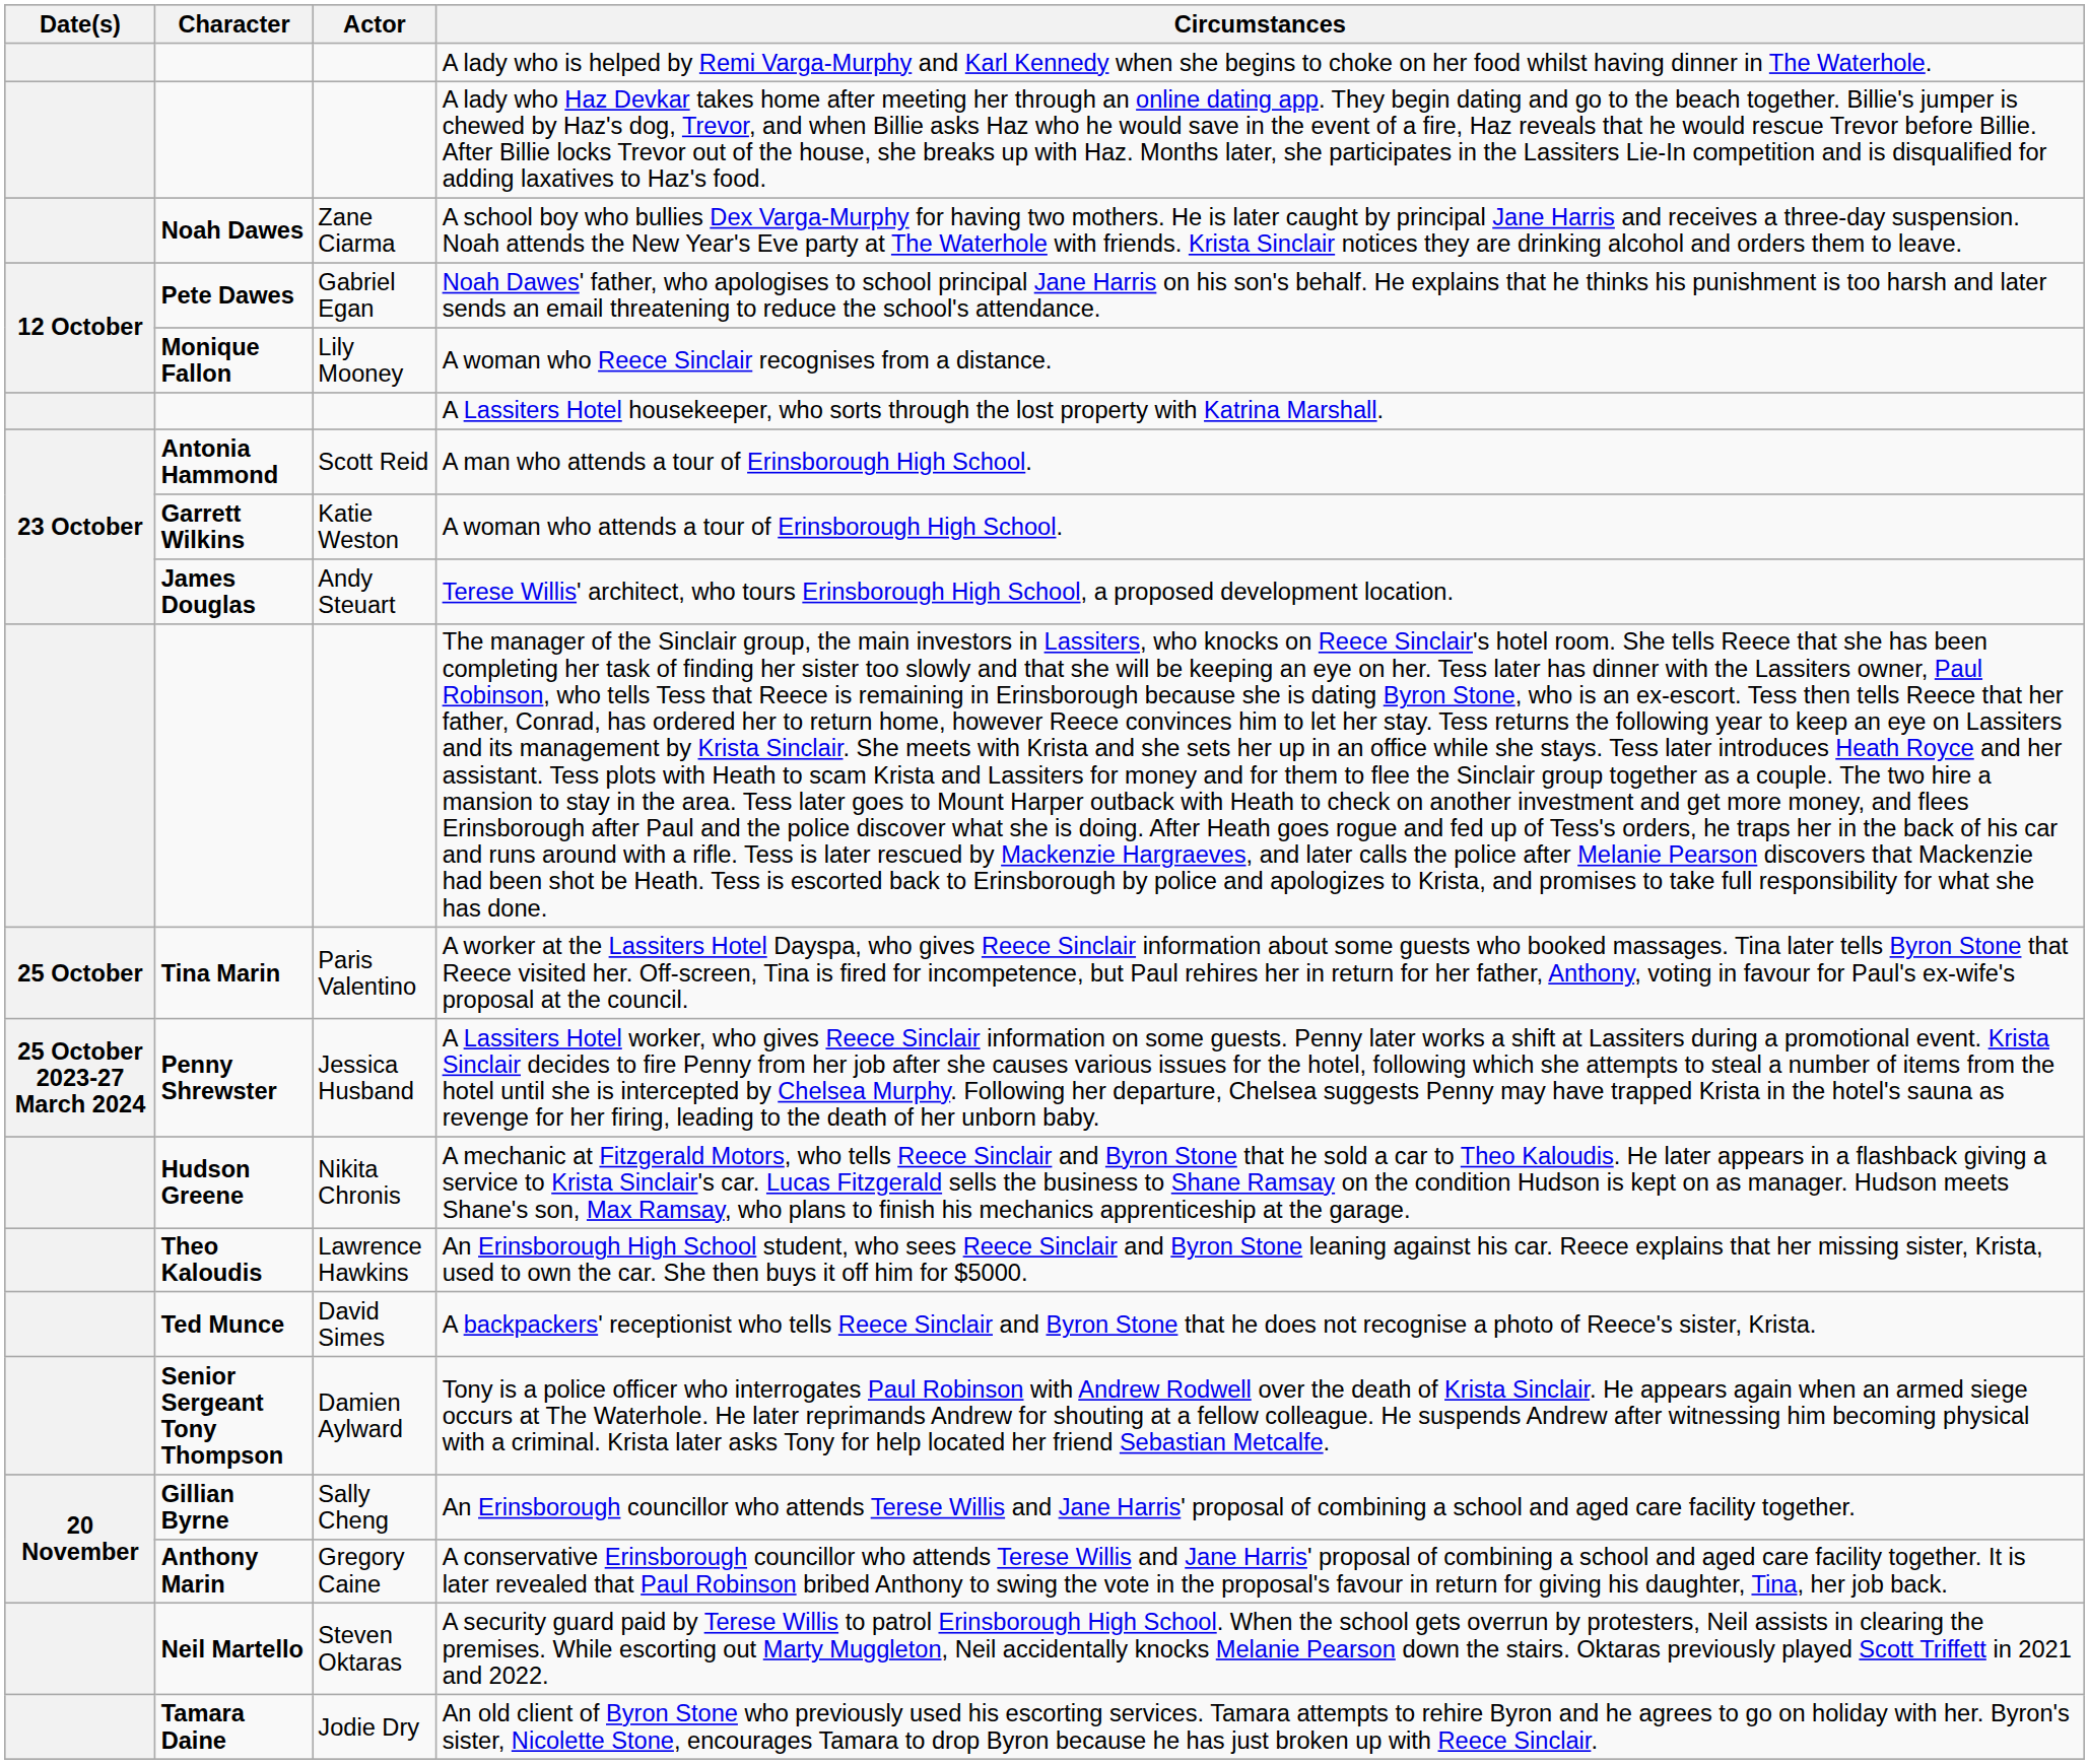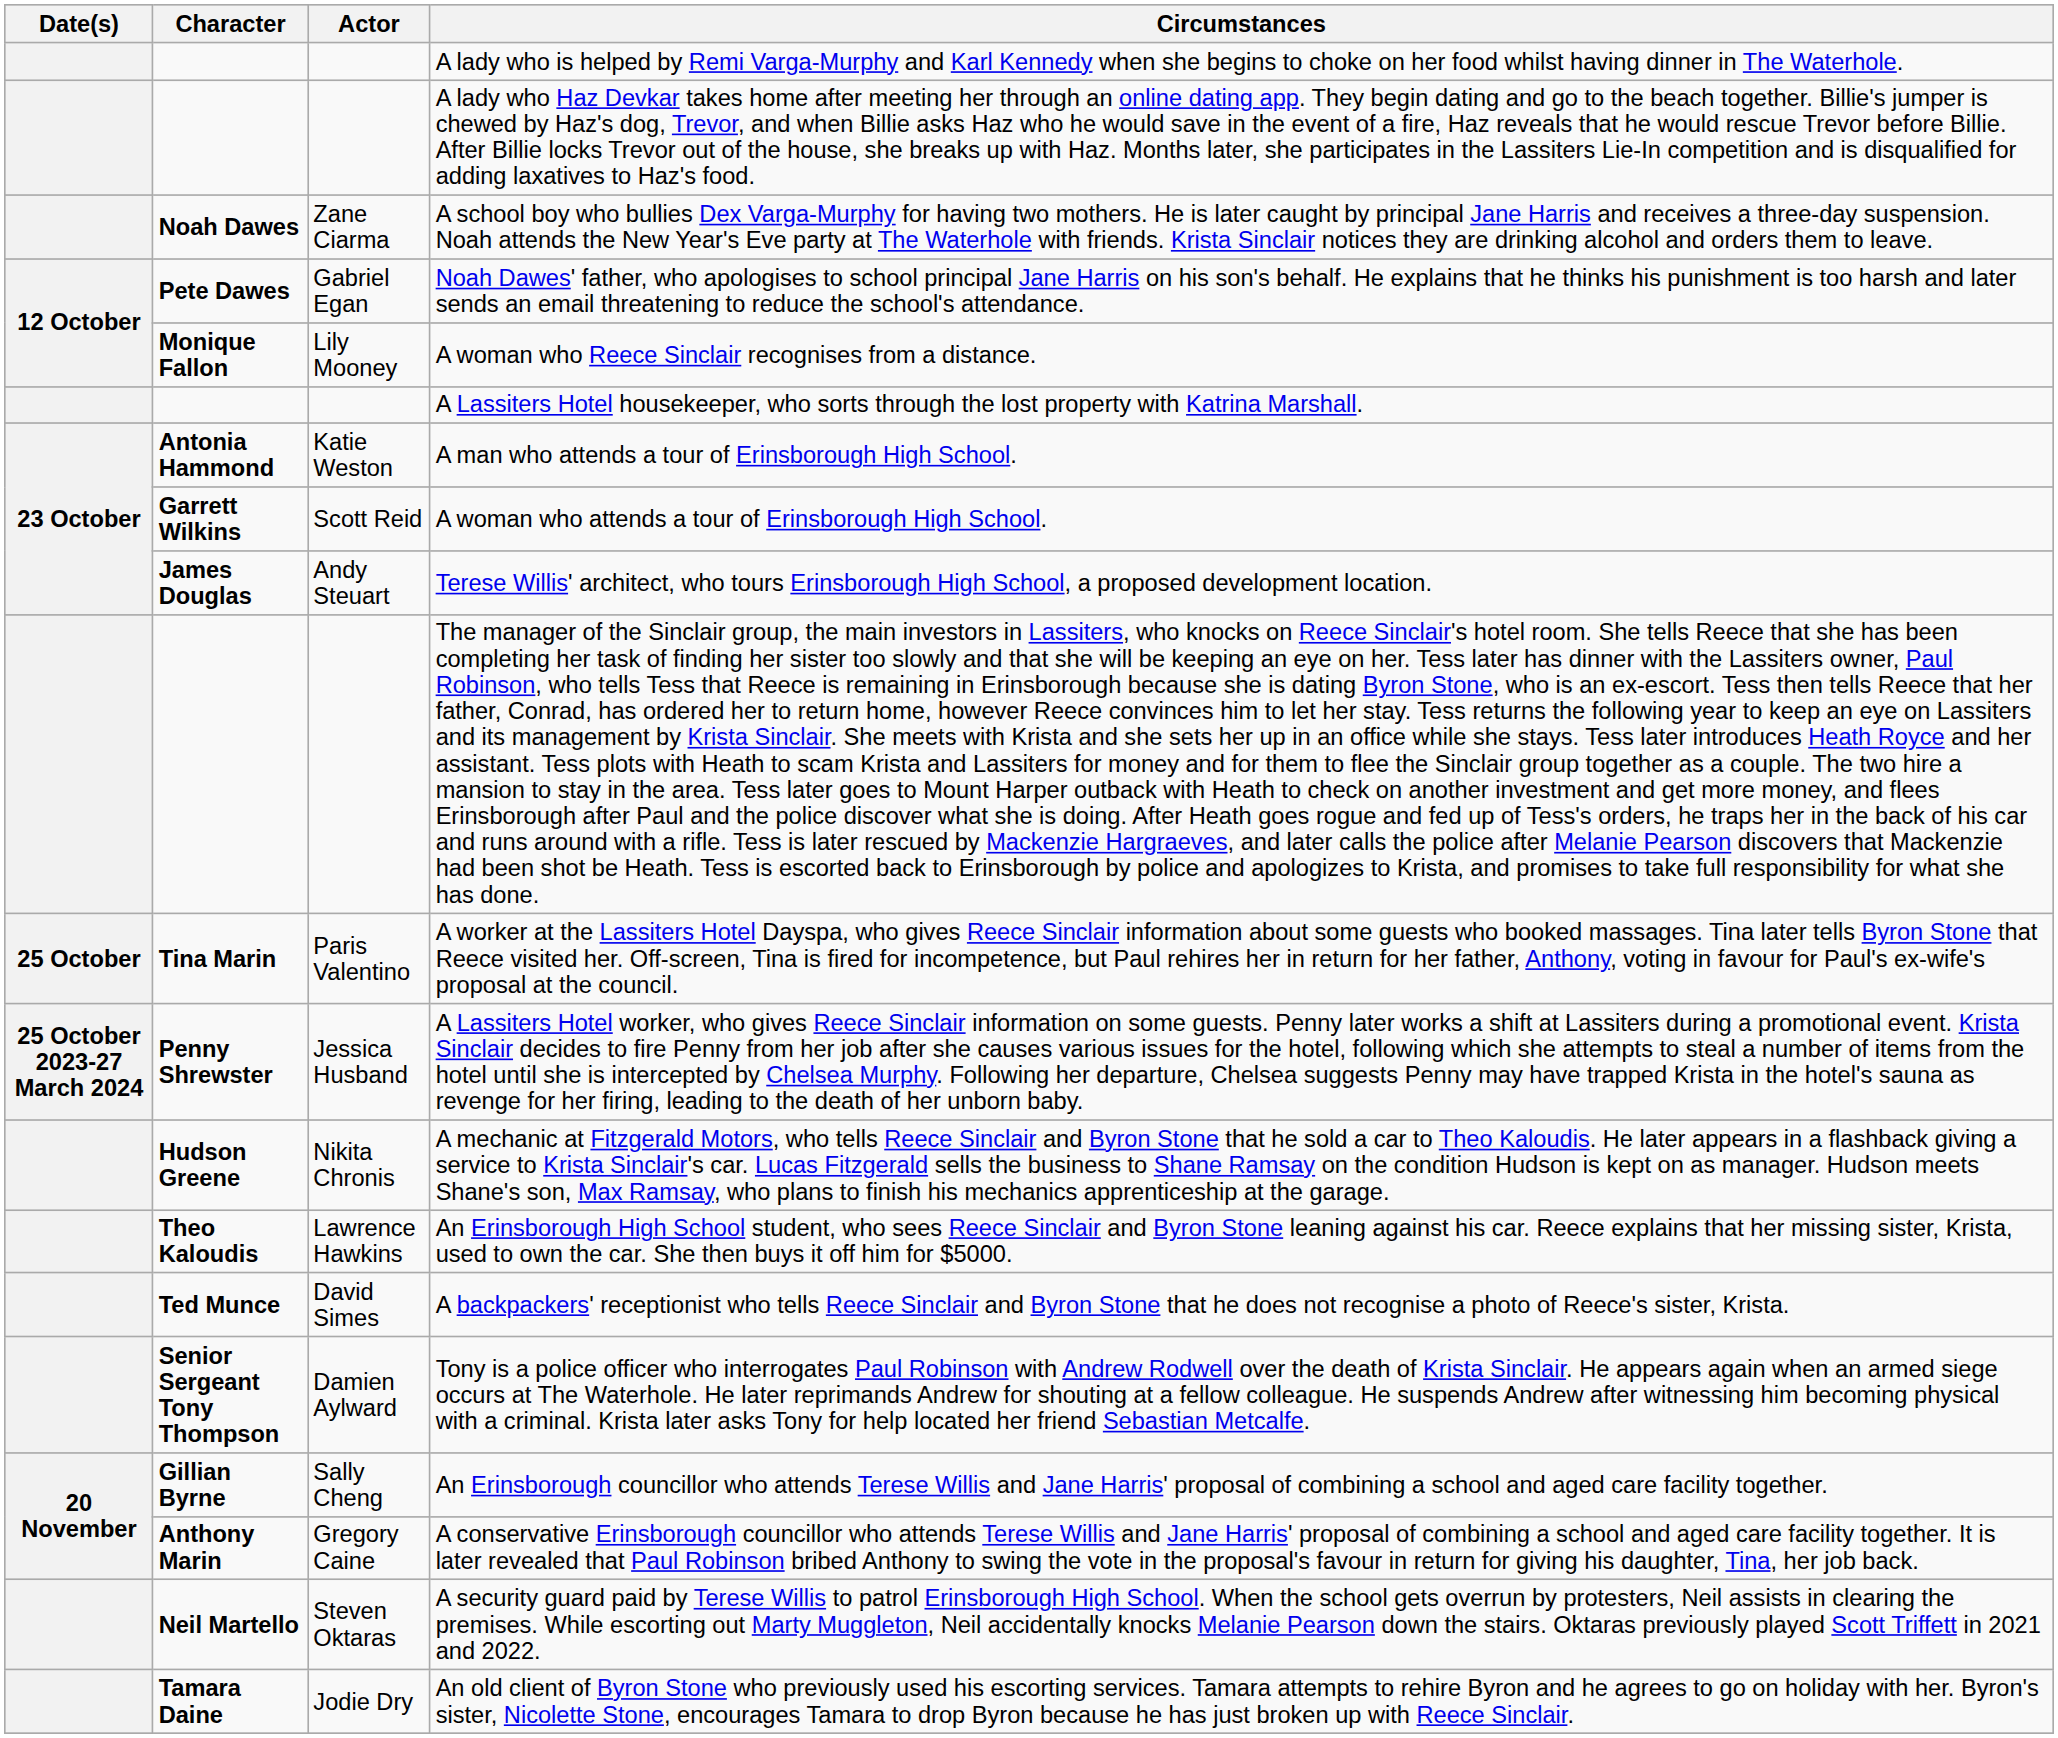 <table class="wikitable plainrowheaders" style="font-size:90%">
 <tr>
 <th scope="col">Date(s)</th>
 <th scope="col">Character</th>
 <th scope="col">Actor</th>
 <th scope="col">Circumstances</th>
 </tr>
 <tr>
 <th scope="row"></th>
 <td></td>
 <td></td>
 <td>A lady who is helped by <a href='#'>Remi Varga-Murphy</a> and <a href='#'>Karl Kennedy</a> when she begins to choke on her food whilst having dinner in <a href='#'>The Waterhole</a>.</td>
 </tr>
 <tr>
 <th scope="row"></th>
 <td></td>
 <td></td>
 <td>A lady who <a href='#'>Haz Devkar</a> takes home after meeting her through an <a href='#'>online dating app</a>. They begin dating and go to the beach together. Billie's jumper is chewed by Haz's dog, <a href='#'>Trevor</a>, and when Billie asks Haz who he would save in the event of a fire, Haz reveals that he would rescue Trevor before Billie. After Billie locks Trevor out of the house, she breaks up with Haz. Months later, she participates in the Lassiters Lie-In competition and is disqualified for adding laxatives to Haz's food.</td>
 </tr>
 <tr>
 <th scope="row"></th>
 <td><strong>Noah Dawes</strong></td>
 <td>Zane Ciarma</td>
 <td>A school boy who bullies <a href='#'>Dex Varga-Murphy</a> for having two mothers. He is later caught by principal <a href='#'>Jane Harris</a> and receives a three-day suspension. Noah attends the New Year's Eve party at <a href='#'>The Waterhole</a> with friends. <a href='#'>Krista Sinclair</a> notices they are drinking alcohol and orders them to leave.</td>
 </tr>
 <tr>
 <th scope="row" rowspan="2">12 October</th>
 <td><strong>Pete Dawes</strong></td>
 <td>Gabriel Egan</td>
 <td><a href='#'>Noah Dawes</a>' father, who apologises to school principal <a href='#'>Jane Harris</a> on his son's behalf. He explains that he thinks his punishment is too harsh and later sends an email threatening to reduce the school's attendance.</td>
 </tr>
 <tr>
 <td><strong>Monique Fallon</strong></td>
 <td>Lily Mooney</td>
 <td>A woman who <a href='#'>Reece Sinclair</a> recognises from a distance.</td>
 </tr>
 <tr>
 <th scope="row"></th>
 <td></td>
 <td></td>
 <td>A <a href='#'>Lassiters Hotel</a> housekeeper, who sorts through the lost property with <a href='#'>Katrina Marshall</a>.</td>
 </tr>
 <tr>
 <th scope="row" rowspan="3">23 October</th>
 <td><strong>Antonia Hammond</strong></td>
-<td>Scott Reid</td>
+<td>Katie Weston</td>
 <td>A man who attends a tour of <a href='#'>Erinsborough High School</a>.</td>
 </tr>
 <tr>
 <td><strong>Garrett Wilkins</strong></td>
-<td>Katie Weston</td>
+<td>Scott Reid</td>
 <td>A woman who attends a tour of <a href='#'>Erinsborough High School</a>.</td>
 </tr>
 <tr>
 <td><strong>James Douglas</strong></td>
 <td>Andy Steuart</td>
 <td><a href='#'>Terese Willis</a>' architect, who tours <a href='#'>Erinsborough High School</a>, a proposed development location.</td>
 </tr>
 <tr>
 <th scope="row"></th>
 <td></td>
 <td></td>
 <td>The manager of the Sinclair group, the main investors in <a href='#'>Lassiters</a>, who knocks on <a href='#'>Reece Sinclair</a>'s hotel room. She tells Reece that she has been completing her task of finding her sister too slowly and that she will be keeping an eye on her. Tess later has dinner with the Lassiters owner, <a href='#'>Paul Robinson</a>, who tells Tess that Reece is remaining in Erinsborough because she is dating <a href='#'>Byron Stone</a>, who is an ex-escort. Tess then tells Reece that her father, Conrad, has ordered her to return home, however Reece convinces him to let her stay. Tess returns the following year to keep an eye on Lassiters and its management by <a href='#'>Krista Sinclair</a>. She meets with Krista and she sets her up in an office while she stays. Tess later introduces <a href='#'>Heath Royce</a> and her assistant. Tess plots with Heath to scam Krista and Lassiters for money and for them to flee the Sinclair group together as a couple. The two hire a mansion to stay in the area. Tess later goes to Mount Harper outback with Heath to check on another investment and get more money, and flees Erinsborough after Paul and the police discover what she is doing. After Heath goes rogue and fed up of Tess's orders, he traps her in the back of his car and runs around with a rifle. Tess is later rescued by <a href='#'>Mackenzie Hargraeves</a>, and later calls the police after <a href='#'>Melanie Pearson</a> discovers that Mackenzie had been shot be Heath. Tess is escorted back to Erinsborough by police and apologizes to Krista, and promises to take full responsibility for what she has done.</td>
 </tr>
 <tr>
 <th scope="row">25 October</th>
 <td><strong>Tina Marin</strong></td>
 <td>Paris Valentino</td>
 <td>A worker at the <a href='#'>Lassiters Hotel</a> Dayspa, who gives <a href='#'>Reece Sinclair</a> information about some guests who booked massages. Tina later tells <a href='#'>Byron Stone</a> that Reece visited her. Off-screen, Tina is fired for incompetence, but Paul rehires her in return for her father, <a href='#'>Anthony</a>, voting in favour for Paul's ex-wife's proposal at the council.</td>
 </tr>
 <tr>
 <th scope="row">25 October 2023-27 March 2024</th>
 <td><strong>Penny Shrewster</strong></td>
 <td>Jessica Husband</td>
 <td>A <a href='#'>Lassiters Hotel</a> worker, who gives <a href='#'>Reece Sinclair</a> information on some guests. Penny later works a shift at Lassiters during a promotional event. <a href='#'>Krista Sinclair</a> decides to fire Penny from her job after she causes various issues for the hotel, following which she attempts to steal a number of items from the hotel until she is intercepted by <a href='#'>Chelsea Murphy</a>. Following her departure, Chelsea suggests Penny may have trapped Krista in the hotel's sauna as revenge for her firing, leading to the death of her unborn baby.</td>
 </tr>
 <tr>
 <th scope="row"></th>
 <td><strong>Hudson Greene</strong></td>
 <td>Nikita Chronis</td>
 <td>A mechanic at <a href='#'>Fitzgerald Motors</a>, who tells <a href='#'>Reece Sinclair</a> and <a href='#'>Byron Stone</a> that he sold a car to <a href='#'>Theo Kaloudis</a>. He later appears in a flashback giving a service to <a href='#'>Krista Sinclair</a>'s car. <a href='#'>Lucas Fitzgerald</a> sells the business to <a href='#'>Shane Ramsay</a> on the condition Hudson is kept on as manager. Hudson meets Shane's son, <a href='#'>Max Ramsay</a>, who plans to finish his mechanics apprenticeship at the garage.</td>
 </tr>
 <tr>
 <th scope="row"></th>
 <td><strong>Theo Kaloudis</strong></td>
 <td>Lawrence Hawkins</td>
 <td>An <a href='#'>Erinsborough High School</a> student, who sees <a href='#'>Reece Sinclair</a> and <a href='#'>Byron Stone</a> leaning against his car. Reece explains that her missing sister, Krista, used to own the car. She then buys it off him for $5000.</td>
 </tr>
 <tr>
 <th scope="row"></th>
 <td><strong>Ted Munce</strong></td>
 <td>David Simes</td>
 <td>A <a href='#'>backpackers</a>' receptionist who tells <a href='#'>Reece Sinclair</a> and <a href='#'>Byron Stone</a> that he does not recognise a photo of Reece's sister, Krista.</td>
 </tr>
 <tr>
 <th scope="row"></th>
 <td><strong>Senior Sergeant Tony Thompson</strong></td>
 <td>Damien Aylward</td>
 <td>Tony is a police officer who interrogates <a href='#'>Paul Robinson</a> with <a href='#'>Andrew Rodwell</a> over the death of <a href='#'>Krista Sinclair</a>. He appears again when an armed siege occurs at The Waterhole. He later reprimands Andrew for shouting at a fellow colleague. He suspends Andrew after witnessing him becoming physical with a criminal. Krista later asks Tony for help located her friend <a href='#'>Sebastian Metcalfe</a>.</td>
 </tr>
 <tr>
 <th scope="row" rowspan="2">20 November</th>
 <td><strong>Gillian Byrne</strong></td>
 <td>Sally Cheng</td>
 <td>An <a href='#'>Erinsborough</a> councillor who attends <a href='#'>Terese Willis</a> and <a href='#'>Jane Harris</a>' proposal of combining a school and aged care facility together.</td>
 </tr>
 <tr>
 <td><strong>Anthony Marin</strong></td>
 <td>Gregory Caine</td>
 <td>A conservative <a href='#'>Erinsborough</a> councillor who attends <a href='#'>Terese Willis</a> and <a href='#'>Jane Harris</a>' proposal of combining a school and aged care facility together. It is later revealed that <a href='#'>Paul Robinson</a> bribed Anthony to swing the vote in the proposal's favour in return for giving his daughter, <a href='#'>Tina</a>, her job back.</td>
 </tr>
 <tr>
 <th scope="row"></th>
 <td><strong>Neil Martello</strong></td>
 <td>Steven Oktaras</td>
 <td>A security guard paid by <a href='#'>Terese Willis</a> to patrol <a href='#'>Erinsborough High School</a>. When the school gets overrun by protesters, Neil assists in clearing the premises. While escorting out <a href='#'>Marty Muggleton</a>, Neil accidentally knocks <a href='#'>Melanie Pearson</a> down the stairs. Oktaras previously played <a href='#'>Scott Triffett</a> in 2021 and 2022.</td>
 </tr>
 <tr>
 <th scope="row"></th>
 <td><strong>Tamara Daine</strong></td>
 <td>Jodie Dry</td>
 <td>An old client of <a href='#'>Byron Stone</a> who previously used his escorting services. Tamara attempts to rehire Byron and he agrees to go on holiday with her. Byron's sister, <a href='#'>Nicolette Stone</a>, encourages Tamara to drop Byron because he has just broken up with <a href='#'>Reece Sinclair</a>.</td>
 </tr>
 <tr>
 </tr>
 </table>
